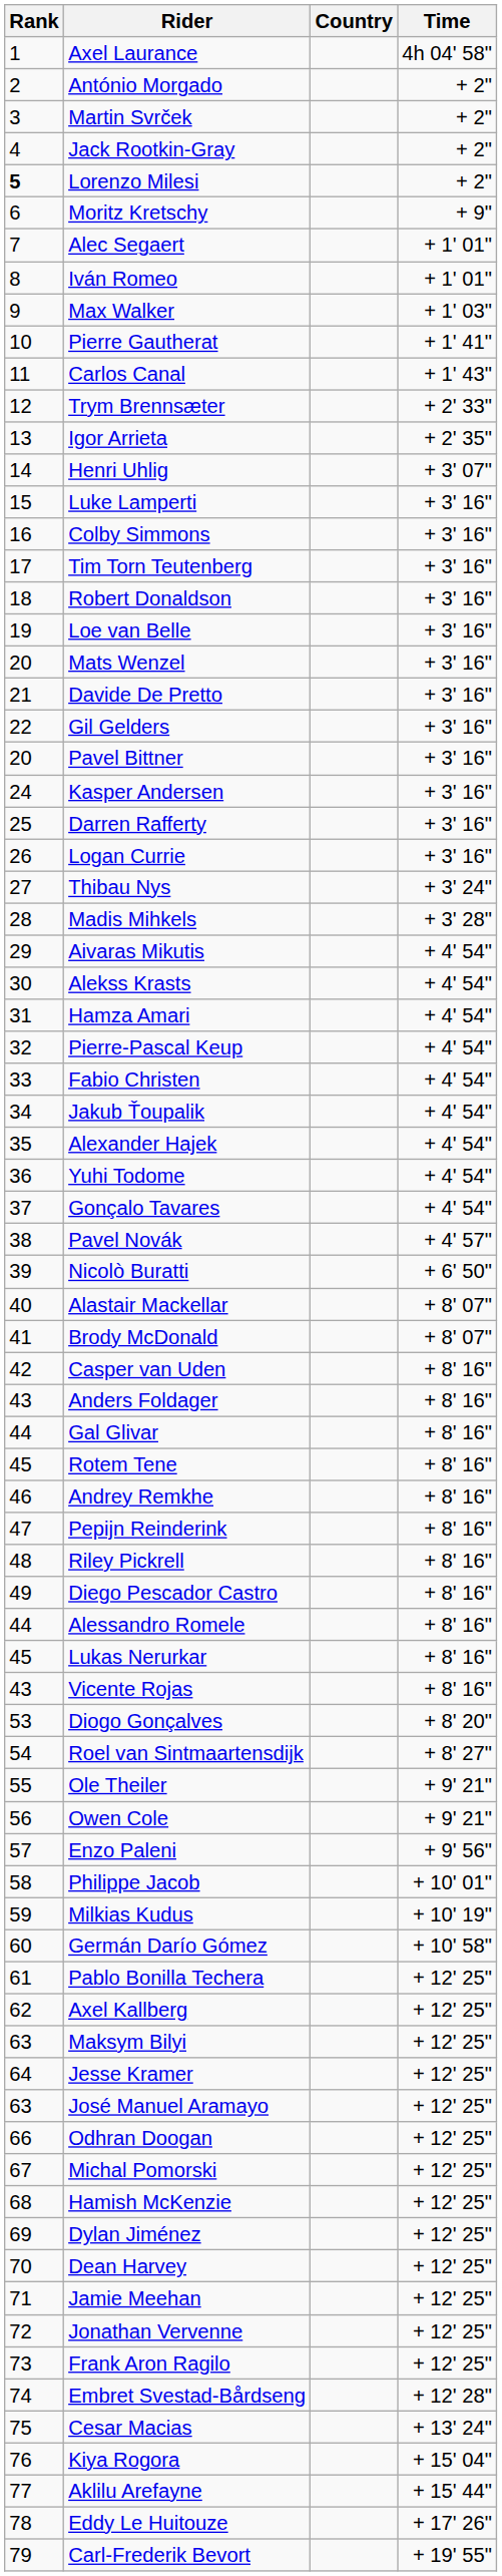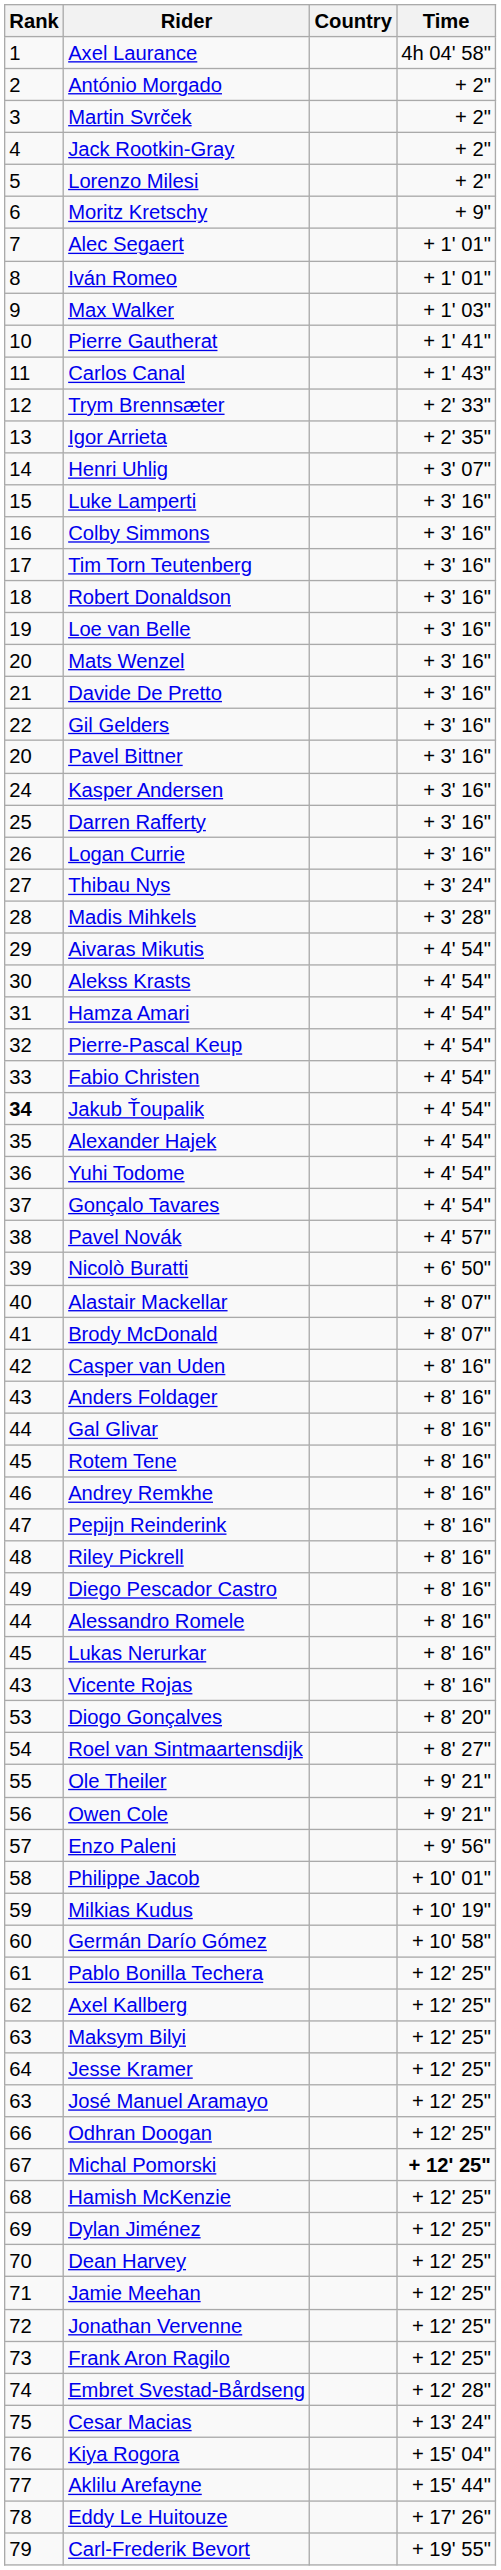 <table class="wikitable sortable" style="font-size:95%; text-align:left;">
 <tr>
 <th>Rank</th>
 <th>Rider</th>
 <th>Country</th>
 <th>Time</th>
 </tr>
 <tr>
 <td>1</td>
 <td><a href='#'>Axel Laurance</a></td>
 <td></td>
 <td align=right>4h 04' 58"</td>
 </tr>
 <tr>
 <td>2</td>
 <td><a href='#'>António Morgado</a></td>
 <td></td>
 <td align=right>+ 2"</td>
 </tr>
 <tr>
 <td>3</td>
 <td><a href='#'>Martin Svrček</a></td>
 <td></td>
 <td align=right>+ 2"</td>
 </tr>
 <tr>
 <td>4</td>
 <td><a href='#'>Jack Rootkin-Gray</a></td>
 <td></td>
 <td align=right>+ 2"</td>
 </tr>
 <tr>
-<td><strong>5</strong></td>
+<td>5</td>
 <td><a href='#'>Lorenzo Milesi</a></td>
 <td></td>
 <td align=right>+ 2"</td>
 </tr>
 <tr>
 <td>6</td>
 <td><a href='#'>Moritz Kretschy</a></td>
 <td></td>
 <td align=right>+ 9"</td>
 </tr>
 <tr>
 <td>7</td>
 <td><a href='#'>Alec Segaert</a></td>
 <td></td>
 <td align=right>+ 1' 01"</td>
 </tr>
 <tr>
 <td>8</td>
 <td><a href='#'>Iván Romeo</a></td>
 <td></td>
 <td align=right>+ 1' 01"</td>
 </tr>
 <tr>
 <td>9</td>
 <td><a href='#'>Max Walker</a></td>
 <td></td>
 <td align=right>+ 1' 03"</td>
 </tr>
 <tr>
 <td>10</td>
 <td><a href='#'>Pierre Gautherat</a></td>
 <td></td>
 <td align=right>+ 1' 41"</td>
 </tr>
 <tr>
 <td>11</td>
 <td><a href='#'>Carlos Canal</a></td>
 <td></td>
 <td align=right>+ 1' 43"</td>
 </tr>
 <tr>
 <td>12</td>
 <td><a href='#'>Trym Brennsæter</a></td>
 <td></td>
 <td align=right>+ 2' 33"</td>
 </tr>
 <tr>
 <td>13</td>
 <td><a href='#'>Igor Arrieta</a></td>
 <td></td>
 <td align=right>+ 2' 35"</td>
 </tr>
 <tr>
 <td>14</td>
 <td><a href='#'>Henri Uhlig</a></td>
 <td></td>
 <td align=right>+ 3' 07"</td>
 </tr>
 <tr>
 <td>15</td>
 <td><a href='#'>Luke Lamperti</a></td>
 <td></td>
 <td align=right>+ 3' 16"</td>
 </tr>
 <tr>
 <td>16</td>
 <td><a href='#'>Colby Simmons</a></td>
 <td></td>
 <td align=right>+ 3' 16"</td>
 </tr>
 <tr>
 <td>17</td>
 <td><a href='#'>Tim Torn Teutenberg</a></td>
 <td></td>
 <td align=right>+ 3' 16"</td>
 </tr>
 <tr>
 <td>18</td>
 <td><a href='#'>Robert Donaldson</a></td>
 <td></td>
 <td align=right>+ 3' 16"</td>
 </tr>
 <tr>
 <td>19</td>
 <td><a href='#'>Loe van Belle</a></td>
 <td></td>
 <td align=right>+ 3' 16"</td>
 </tr>
 <tr>
 <td>20</td>
 <td><a href='#'>Mats Wenzel</a></td>
 <td></td>
 <td align=right>+ 3' 16"</td>
 </tr>
 <tr>
 <td>21</td>
 <td><a href='#'>Davide De Pretto</a></td>
 <td></td>
 <td align=right>+ 3' 16"</td>
 </tr>
 <tr>
 <td>22</td>
 <td><a href='#'>Gil Gelders</a></td>
 <td></td>
 <td align=right>+ 3' 16"</td>
 </tr>
 <tr>
 <td>20</td>
 <td><a href='#'>Pavel Bittner</a></td>
 <td></td>
 <td align=right>+ 3' 16"</td>
 </tr>
 <tr>
 <td>24</td>
 <td><a href='#'>Kasper Andersen</a></td>
 <td></td>
 <td align=right>+ 3' 16"</td>
 </tr>
 <tr>
 <td>25</td>
 <td><a href='#'>Darren Rafferty</a></td>
 <td></td>
 <td align=right>+ 3' 16"</td>
 </tr>
 <tr>
 <td>26</td>
 <td><a href='#'>Logan Currie</a></td>
 <td></td>
 <td align=right>+ 3' 16"</td>
 </tr>
 <tr>
 <td>27</td>
 <td><a href='#'>Thibau Nys</a></td>
 <td></td>
 <td align=right>+ 3' 24"</td>
 </tr>
 <tr>
 <td>28</td>
 <td><a href='#'>Madis Mihkels</a></td>
 <td></td>
 <td align=right>+ 3' 28"</td>
 </tr>
 <tr>
 <td>29</td>
 <td><a href='#'>Aivaras Mikutis</a></td>
 <td></td>
 <td align=right>+ 4' 54"</td>
 </tr>
 <tr>
 <td>30</td>
 <td><a href='#'>Alekss Krasts</a></td>
 <td></td>
 <td align=right>+ 4' 54"</td>
 </tr>
 <tr>
 <td>31</td>
 <td><a href='#'>Hamza Amari</a></td>
 <td></td>
 <td align=right>+ 4' 54"</td>
 </tr>
 <tr>
 <td>32</td>
 <td><a href='#'>Pierre-Pascal Keup</a></td>
 <td></td>
 <td align=right>+ 4' 54"</td>
 </tr>
 <tr>
 <td>33</td>
 <td><a href='#'>Fabio Christen</a></td>
 <td></td>
 <td align=right>+ 4' 54"</td>
 </tr>
 <tr>
-<td>34</td>
+<td><strong>34</strong></td>
 <td><a href='#'>Jakub Ťoupalik</a></td>
 <td></td>
 <td align=right>+ 4' 54"</td>
 </tr>
 <tr>
 <td>35</td>
 <td><a href='#'>Alexander Hajek</a></td>
 <td></td>
 <td align=right>+ 4' 54"</td>
 </tr>
 <tr>
 <td>36</td>
 <td><a href='#'>Yuhi Todome</a></td>
 <td></td>
 <td align=right>+ 4' 54"</td>
 </tr>
 <tr>
 <td>37</td>
 <td><a href='#'>Gonçalo Tavares</a></td>
 <td></td>
 <td align=right>+ 4' 54"</td>
 </tr>
 <tr>
 <td>38</td>
 <td><a href='#'>Pavel Novák</a></td>
 <td></td>
 <td align=right>+ 4' 57"</td>
 </tr>
 <tr>
 <td>39</td>
 <td><a href='#'>Nicolò Buratti</a></td>
 <td></td>
 <td align=right>+ 6' 50"</td>
 </tr>
 <tr>
 <td>40</td>
 <td><a href='#'>Alastair Mackellar</a></td>
 <td></td>
 <td align=right>+ 8' 07"</td>
 </tr>
 <tr>
 <td>41</td>
 <td><a href='#'>Brody McDonald</a></td>
 <td></td>
 <td align=right>+ 8' 07"</td>
 </tr>
 <tr>
 <td>42</td>
 <td><a href='#'>Casper van Uden</a></td>
 <td></td>
 <td align=right>+ 8' 16"</td>
 </tr>
 <tr>
 <td>43</td>
 <td><a href='#'>Anders Foldager</a></td>
 <td></td>
 <td align=right>+ 8' 16"</td>
 </tr>
 <tr>
 <td>44</td>
 <td><a href='#'>Gal Glivar</a></td>
 <td></td>
 <td align=right>+ 8' 16"</td>
 </tr>
 <tr>
 <td>45</td>
 <td><a href='#'>Rotem Tene</a></td>
 <td></td>
 <td align=right>+ 8' 16"</td>
 </tr>
 <tr>
 <td>46</td>
 <td><a href='#'>Andrey Remkhe</a></td>
 <td></td>
 <td align=right>+ 8' 16"</td>
 </tr>
 <tr>
 <td>47</td>
 <td><a href='#'>Pepijn Reinderink</a></td>
 <td></td>
 <td align=right>+ 8' 16"</td>
 </tr>
 <tr>
 <td>48</td>
 <td><a href='#'>Riley Pickrell</a></td>
 <td></td>
 <td align=right>+ 8' 16"</td>
 </tr>
 <tr>
 <td>49</td>
 <td><a href='#'>Diego Pescador Castro</a></td>
 <td></td>
 <td align=right>+ 8' 16"</td>
 </tr>
 <tr>
 <td>44</td>
 <td><a href='#'>Alessandro Romele</a></td>
 <td></td>
 <td align=right>+ 8' 16"</td>
 </tr>
 <tr>
 <td>45</td>
 <td><a href='#'>Lukas Nerurkar</a></td>
 <td></td>
 <td align=right>+ 8' 16"</td>
 </tr>
 <tr>
 <td>43</td>
 <td><a href='#'>Vicente Rojas</a></td>
 <td></td>
 <td align=right>+ 8' 16"</td>
 </tr>
 <tr>
 <td>53</td>
 <td><a href='#'>Diogo Gonçalves</a></td>
 <td></td>
 <td align=right>+ 8' 20"</td>
 </tr>
 <tr>
 <td>54</td>
 <td><a href='#'>Roel van Sintmaartensdijk</a></td>
 <td></td>
 <td align=right>+ 8' 27"</td>
 </tr>
 <tr>
 <td>55</td>
 <td><a href='#'>Ole Theiler</a></td>
 <td></td>
 <td align=right>+ 9' 21"</td>
 </tr>
 <tr>
 <td>56</td>
 <td><a href='#'>Owen Cole</a></td>
 <td></td>
 <td align=right>+ 9' 21"</td>
 </tr>
 <tr>
 <td>57</td>
 <td><a href='#'>Enzo Paleni</a></td>
 <td></td>
 <td align=right>+ 9' 56"</td>
 </tr>
 <tr>
 <td>58</td>
 <td><a href='#'>Philippe Jacob</a></td>
 <td></td>
 <td align=right>+ 10' 01"</td>
 </tr>
 <tr>
 <td>59</td>
 <td><a href='#'>Milkias Kudus</a></td>
 <td></td>
 <td align=right>+ 10' 19"</td>
 </tr>
 <tr>
 <td>60</td>
 <td><a href='#'>Germán Darío Gómez</a></td>
 <td></td>
 <td align=right>+ 10' 58"</td>
 </tr>
 <tr>
 <td>61</td>
 <td><a href='#'>Pablo Bonilla Techera</a></td>
 <td></td>
 <td align=right>+ 12' 25"</td>
 </tr>
 <tr>
 <td>62</td>
 <td><a href='#'>Axel Kallberg</a></td>
 <td></td>
 <td align=right>+ 12' 25"</td>
 </tr>
 <tr>
 <td>63</td>
 <td><a href='#'>Maksym Bilyi</a></td>
 <td></td>
 <td align=right>+ 12' 25"</td>
 </tr>
 <tr>
 <td>64</td>
 <td><a href='#'>Jesse Kramer</a></td>
 <td></td>
 <td align=right>+ 12' 25"</td>
 </tr>
 <tr>
 <td>63</td>
 <td><a href='#'>José Manuel Aramayo</a></td>
 <td></td>
 <td align=right>+ 12' 25"</td>
 </tr>
 <tr>
 <td>66</td>
 <td><a href='#'>Odhran Doogan</a></td>
 <td></td>
 <td align=right>+ 12' 25"</td>
 </tr>
 <tr>
 <td>67</td>
 <td><a href='#'>Michal Pomorski</a></td>
 <td></td>
-<td align=right>+ 12' 25"</td>
+<td align=right><strong>+ 12' 25"</strong></td>
 </tr>
 <tr>
 <td>68</td>
 <td><a href='#'>Hamish McKenzie</a></td>
 <td></td>
 <td align=right>+ 12' 25"</td>
 </tr>
 <tr>
 <td>69</td>
 <td><a href='#'>Dylan Jiménez</a></td>
 <td></td>
 <td align=right>+ 12' 25"</td>
 </tr>
 <tr>
 <td>70</td>
 <td><a href='#'>Dean Harvey</a></td>
 <td></td>
 <td align=right>+ 12' 25"</td>
 </tr>
 <tr>
 <td>71</td>
 <td><a href='#'>Jamie Meehan</a></td>
 <td></td>
 <td align=right>+ 12' 25"</td>
 </tr>
 <tr>
 <td>72</td>
 <td><a href='#'>Jonathan Vervenne</a></td>
 <td></td>
 <td align=right>+ 12' 25"</td>
 </tr>
 <tr>
 <td>73</td>
 <td><a href='#'>Frank Aron Ragilo</a></td>
 <td></td>
 <td align=right>+ 12' 25"</td>
 </tr>
 <tr>
 <td>74</td>
 <td><a href='#'>Embret Svestad-Bårdseng</a></td>
 <td></td>
 <td align=right>+ 12' 28"</td>
 </tr>
 <tr>
 <td>75</td>
 <td><a href='#'>Cesar Macias</a></td>
 <td></td>
 <td align=right>+ 13' 24"</td>
 </tr>
 <tr>
 <td>76</td>
 <td><a href='#'>Kiya Rogora</a></td>
 <td></td>
 <td align=right>+ 15' 04"</td>
 </tr>
 <tr>
 <td>77</td>
 <td><a href='#'>Aklilu Arefayne</a></td>
 <td></td>
 <td align=right>+ 15' 44"</td>
 </tr>
 <tr>
 <td>78</td>
 <td><a href='#'>Eddy Le Huitouze</a></td>
 <td></td>
 <td align=right>+ 17' 26"</td>
 </tr>
 <tr>
 <td>79</td>
 <td><a href='#'>Carl-Frederik Bevort</a></td>
 <td></td>
 <td align=right>+ 19' 55"</td>
 </tr>
 </table>
